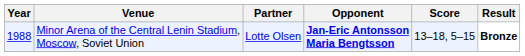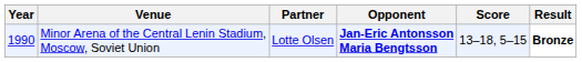 <table class="sortable wikitable" style="font-size: 90%;">
 <tr>
 <th>Year</th>
 <th>Venue</th>
 <th>Partner</th>
 <th>Opponent</th>
 <th>Score</th>
 <th>Result</th>
 </tr>
 <tr style="background:#ECF2FF">
-<td align="center"><a href='#'>1988</a></td>
+<td align="center"><a href='#'>1990</a></td>
 <td align="left"><a href='#'>Minor Arena of the Central Lenin Stadium</a>, <br> <a href='#'>Moscow</a>, Soviet Union</td>
 <td align="left"> <a href='#'>Lotte Olsen</a></td>
 <td align="left"><strong> <a href='#'>Jan-Eric Antonsson</a><br>  <a href='#'>Maria Bengtsson</a></strong></td>
 <td align="left">13–18, 5–15</td>
 <td style="text-align:left; background:white"> <strong>Bronze</strong></td>
 </tr>
 </table>
